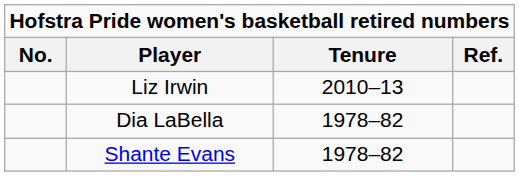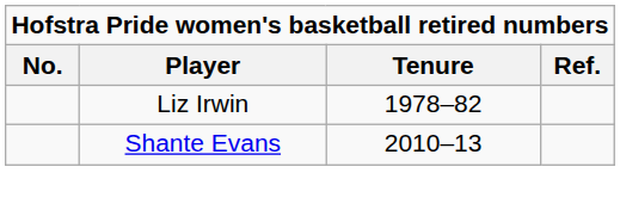 <table class="wikitable sortable" style="text-align:center">
 <tr>
 <td colspan="4"><strong>Hofstra Pride women's basketball retired numbers</strong></td>
 </tr>
 <tr>
 <th width=40px>No.</th>
 <th width=150px>Player</th>
 <th width=px>Tenure</th>
 <th width=40px>Ref.</th>
 </tr>
 <tr>
 <td></td>
 <td>Liz Irwin</td>
-<td>2010–13</td>
-<td></td>
-</tr>
-<tr>
-<td></td>
-<td>Dia LaBella</td>
 <td>1978–82</td>
 <td></td>
 </tr>
 <tr>
 <td></td>
 <td><a href='#'>Shante Evans</a></td>
-<td>1978–82</td>
+<td>2010–13</td>
 <td></td>
 </tr>
 </table>
